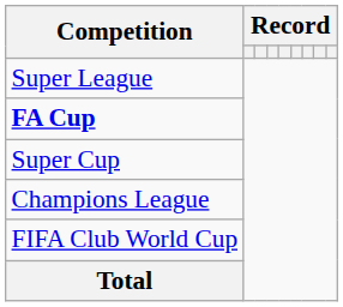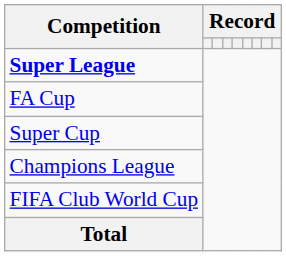 <table class="wikitable" style="text-align: center">
 <tr>
 <th rowspan="2">Competition</th>
 <th colspan="9">Record</th>
 </tr>
 <tr>
 <th></th>
 <th></th>
 <th></th>
 <th></th>
 <th></th>
 <th></th>
 <th></th>
 <th></th>
 </tr>
 <tr>
-<td style="text-align: left"><a href='#'>Super League</a><br></td>
+<td style="text-align: left"><strong><a href='#'>Super League</a><br></strong></td>
 </tr>
 <tr>
-<td style="text-align: left"><strong><a href='#'>FA Cup</a><br></strong></td>
+<td style="text-align: left"><a href='#'>FA Cup</a><br></td>
 </tr>
 <tr>
 <td style="text-align: left"><a href='#'>Super Cup</a><br></td>
 </tr>
 <tr>
 <td style="text-align: left"><a href='#'>Champions League</a><br></td>
 </tr>
 <tr>
 <td style="text-align: left"><a href='#'>FIFA Club World Cup</a><br></td>
 </tr>
 <tr>
 <th>Total<br></th>
 </tr>
 </table>
